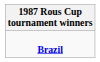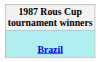 <table class="wikitable" style="text-align: center; margin: 0 auto;">
 <tr>
 <th>1987 Rous Cup <br>tournament winners</th>
 </tr>
 <tr>
-<td><br><strong><a href='#'>Brazil</a></strong></td>
+<td style="background: paleturquoise;"><br><strong><a href='#'>Brazil</a></strong></td>
 </tr>
 </table>
